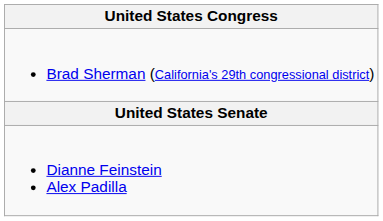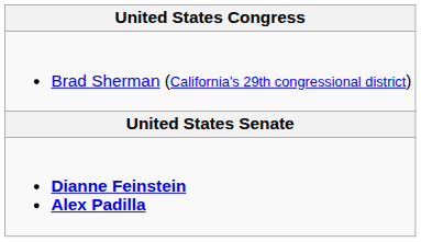 <table class="wikitable">
 <tr>
 <th>United States Congress</th>
 </tr>
 <tr>
 <td><br><ul><li><a href='#'>Brad Sherman</a> (<small><a href='#'>California's 29th congressional district</a></small>)</li></ul></td>
 </tr>
 <tr>
 <th>United States Senate</th>
 </tr>
 <tr>
-<td><br><ul><li><a href='#'>Dianne Feinstein</a></li><li><a href='#'>Alex Padilla</a></li></ul></td>
+<td><strong><br><ul><li><a href='#'>Dianne Feinstein</a></li><li><a href='#'>Alex Padilla</a></li></ul></strong></td>
 </tr>
 </table>
